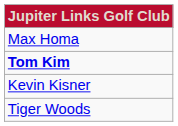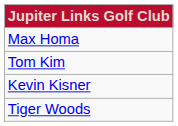 <table class="wikitable">
 <tr>
 <th Style="background:#BA0C2F;color:#E1DCD0">Jupiter Links Golf Club</th>
 </tr>
 <tr>
 <td> <a href='#'>Max Homa</a></td>
 </tr>
 <tr>
-<td><strong> <a href='#'>Tom Kim</a></strong></td>
+<td> <a href='#'>Tom Kim</a></td>
 </tr>
 <tr>
 <td> <a href='#'>Kevin Kisner</a></td>
 </tr>
 <tr>
 <td> <a href='#'>Tiger Woods</a></td>
 </tr>
 </table>
